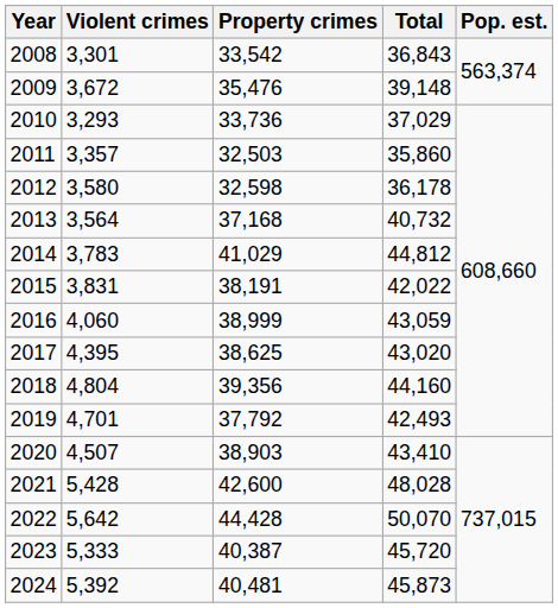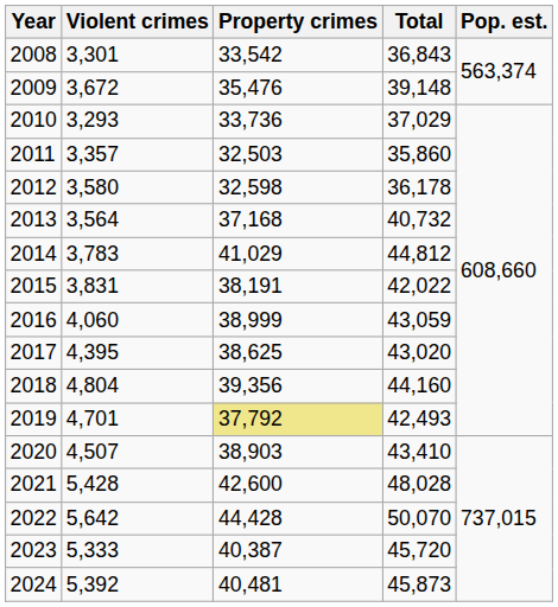 <table class="wikitable">
 <tr>
 <th>Year</th>
 <th>Violent crimes</th>
 <th>Property crimes</th>
 <th>Total</th>
 <th>Pop. est.</th>
 </tr>
 <tr>
 <td>2008</td>
 <td>3,301</td>
 <td>33,542</td>
 <td>36,843</td>
 <td rowspan="2">563,374</td>
 </tr>
 <tr>
 <td>2009</td>
 <td>3,672</td>
 <td>35,476</td>
 <td>39,148</td>
 </tr>
 <tr>
 <td>2010</td>
 <td>3,293</td>
 <td>33,736</td>
 <td>37,029</td>
 <td rowspan="10">608,660</td>
 </tr>
 <tr>
 <td>2011</td>
 <td>3,357</td>
 <td>32,503</td>
 <td>35,860</td>
 </tr>
 <tr>
 <td>2012</td>
 <td>3,580</td>
 <td>32,598</td>
 <td>36,178</td>
 </tr>
 <tr>
 <td>2013</td>
 <td>3,564</td>
 <td>37,168</td>
 <td>40,732</td>
 </tr>
 <tr>
 <td>2014</td>
 <td>3,783</td>
 <td>41,029</td>
 <td>44,812</td>
 </tr>
 <tr>
 <td>2015</td>
 <td>3,831</td>
 <td>38,191</td>
 <td>42,022</td>
 </tr>
 <tr>
 <td>2016</td>
 <td>4,060</td>
 <td>38,999</td>
 <td>43,059</td>
 </tr>
 <tr>
 <td>2017</td>
 <td>4,395</td>
 <td>38,625</td>
 <td>43,020</td>
 </tr>
 <tr>
 <td>2018</td>
 <td>4,804</td>
 <td>39,356</td>
 <td>44,160</td>
 </tr>
 <tr>
 <td>2019</td>
 <td>4,701</td>
-<td>37,792</td>
+<td style="background: khaki;">37,792</td>
 <td>42,493</td>
 </tr>
 <tr>
 <td>2020</td>
 <td>4,507</td>
 <td>38,903</td>
 <td>43,410</td>
 <td rowspan="5">737,015</td>
 </tr>
 <tr>
 <td>2021</td>
 <td>5,428</td>
 <td>42,600</td>
 <td>48,028</td>
 </tr>
 <tr>
 <td>2022</td>
 <td>5,642</td>
 <td>44,428</td>
 <td>50,070</td>
 </tr>
 <tr>
 <td>2023</td>
 <td>5,333</td>
 <td>40,387</td>
 <td>45,720</td>
 </tr>
 <tr>
 <td>2024</td>
 <td>5,392</td>
 <td>40,481</td>
 <td>45,873</td>
 </tr>
 </table>
